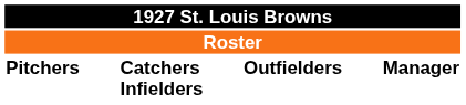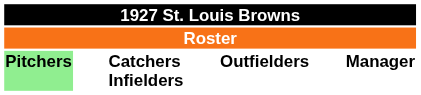 <table class="toccolours" style="font-size: 95%;">
 <tr>
 <th colspan="10" style="background-color: black; color: white; text-align: center;">1927 St. Louis Browns</th>
 </tr>
 <tr>
 <td colspan="10" style="background-color: #F87217; color: white; text-align: center;"><strong>Roster</strong></td>
 </tr>
 <tr>
-<td valign="top"><strong>Pitchers</strong><br>             </td>
+<td valign="top" style="background: lightgreen;"><strong>Pitchers</strong><br>             </td>
 <td width="25px"></td>
 <td valign="top"><strong>Catchers</strong><br>   <strong>Infielders</strong>        </td>
 <td width="25px"></td>
 <td valign="top"><strong>Outfielders</strong><br>    </td>
 <td width="25px"></td>
 <td valign="top"><strong>Manager</strong><br></td>
 </tr>
 <tr>
 </tr>
 </table>
